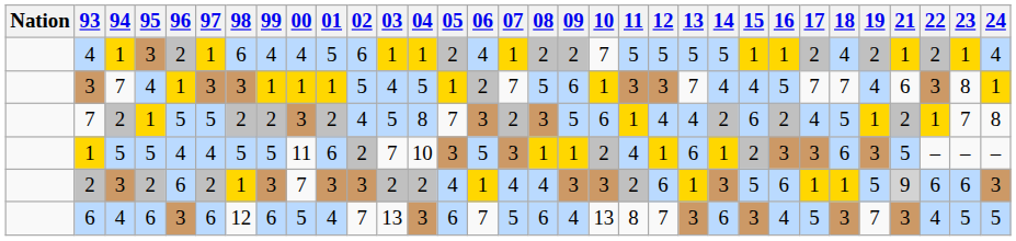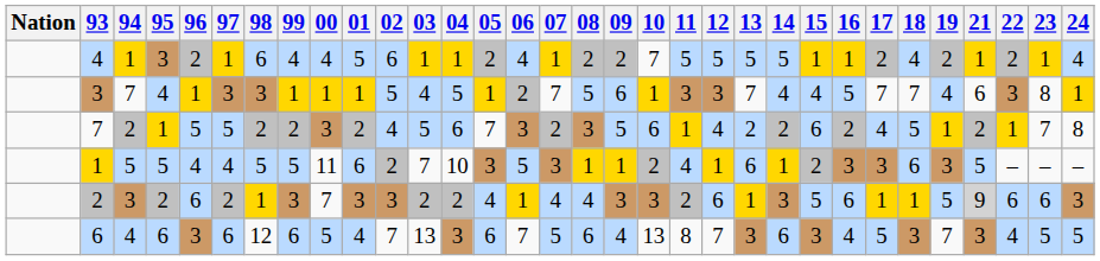 <table class="wikitable sortable" style="text-align:center; margin: 1em auto 1em auto">
 <tr>
 <th>Nation</th>
 <th><a href='#'>93</a><br></th>
 <th><a href='#'>94</a><br></th>
 <th><a href='#'>95</a><br></th>
 <th><a href='#'>96</a><br></th>
 <th><a href='#'>97</a><br></th>
 <th><a href='#'>98</a><br></th>
 <th><a href='#'>99</a><br></th>
 <th><a href='#'>00</a><br></th>
 <th><a href='#'>01</a><br></th>
 <th><a href='#'>02</a><br></th>
 <th><a href='#'>03</a><br></th>
 <th><a href='#'>04</a><br></th>
 <th><a href='#'>05</a><br></th>
 <th><a href='#'>06</a><br></th>
 <th><a href='#'>07</a><br></th>
 <th><a href='#'>08</a><br></th>
 <th><a href='#'>09</a><br></th>
 <th><a href='#'>10</a><br></th>
 <th><a href='#'>11</a><br></th>
 <th><a href='#'>12</a><br></th>
 <th><a href='#'>13</a><br></th>
 <th><a href='#'>14</a><br></th>
 <th><a href='#'>15</a><br></th>
 <th><a href='#'>16</a><br></th>
 <th><a href='#'>17</a><br></th>
 <th><a href='#'>18</a><br></th>
 <th><a href='#'>19</a><br></th>
 <th><a href='#'>21</a><br></th>
 <th><a href='#'>22</a><br></th>
 <th><a href='#'>23</a><br></th>
 <th><a href='#'>24</a><br></th>
 </tr>
 <tr>
 <td align=left></td>
 <td style="background:#badaff">4</td>
 <td bgcolor=gold>1</td>
 <td bgcolor=cc9966>3</td>
 <td bgcolor=silver>2</td>
 <td bgcolor=gold>1</td>
 <td style="background:#badaff">6</td>
 <td style="background:#badaff">4</td>
 <td style="background:#badaff">4</td>
 <td style="background:#badaff">5</td>
 <td style="background:#badaff">6</td>
 <td bgcolor=gold>1</td>
 <td bgcolor=gold>1</td>
 <td bgcolor=silver>2</td>
 <td style="background:#badaff">4</td>
 <td bgcolor=gold>1</td>
 <td bgcolor=silver>2</td>
 <td bgcolor=silver>2</td>
 <td>7</td>
 <td style="background:#badaff">5</td>
 <td style="background:#badaff">5</td>
 <td style="background:#badaff">5</td>
 <td style="background:#badaff">5</td>
 <td bgcolor=gold>1</td>
 <td bgcolor=gold>1</td>
 <td bgcolor=silver>2</td>
 <td style="background:#badaff">4</td>
 <td bgcolor=silver>2</td>
 <td bgcolor=gold>1</td>
 <td bgcolor=silver>2</td>
 <td bgcolor=gold>1</td>
 <td style="background:#badaff">4</td>
 </tr>
 <tr>
 <td align=left></td>
 <td bgcolor=cc9966>3</td>
 <td>7</td>
 <td style="background:#badaff">4</td>
 <td bgcolor=gold>1</td>
 <td bgcolor=cc9966>3</td>
 <td bgcolor=cc9966>3</td>
 <td bgcolor=gold>1</td>
 <td bgcolor=gold>1</td>
 <td bgcolor=gold>1</td>
 <td style="background:#badaff">5</td>
 <td style="background:#badaff">4</td>
 <td style="background:#badaff">5</td>
 <td bgcolor=gold>1</td>
 <td bgcolor=silver>2</td>
 <td>7</td>
 <td style="background:#badaff">5</td>
 <td style="background:#badaff">6</td>
 <td bgcolor=gold>1</td>
 <td bgcolor=cc9966>3</td>
 <td bgcolor=cc9966>3</td>
 <td>7</td>
 <td style="background:#badaff">4</td>
 <td style="background:#badaff">4</td>
 <td style="background:#badaff">5</td>
 <td>7</td>
 <td>7</td>
 <td style="background:#badaff">4</td>
 <td>6</td>
 <td bgcolor=cc9966>3</td>
 <td>8</td>
 <td bgcolor=gold>1</td>
 </tr>
 <tr>
 <td align=left></td>
 <td>7</td>
 <td bgcolor=silver>2</td>
 <td bgcolor=gold>1</td>
 <td style="background:#badaff">5</td>
 <td style="background:#badaff">5</td>
 <td bgcolor=silver>2</td>
 <td bgcolor=silver>2</td>
 <td bgcolor=cc9966>3</td>
 <td bgcolor=silver>2</td>
 <td style="background:#badaff">4</td>
 <td style="background:#badaff">5</td>
-<td style="background:#badaff">8</td>
+<td style="background:#badaff">6</td>
 <td>7</td>
 <td bgcolor=cc9966>3</td>
 <td bgcolor=silver>2</td>
 <td bgcolor=cc9966>3</td>
 <td style="background:#badaff">5</td>
 <td style="background:#badaff">6</td>
 <td bgcolor=gold>1</td>
 <td style="background:#badaff">4</td>
-<td style="background:#badaff">4</td>
+<td style="background:#badaff">2</td>
 <td bgcolor=silver>2</td>
 <td style="background:#badaff">6</td>
 <td bgcolor=silver>2</td>
 <td style="background:#badaff">4</td>
 <td style="background:#badaff">5</td>
 <td bgcolor=gold>1</td>
 <td bgcolor=silver>2</td>
 <td bgcolor=gold>1</td>
 <td>7</td>
 <td>8</td>
 </tr>
 <tr>
 <td align=left></td>
 <td bgcolor=gold>1</td>
 <td style="background:#badaff">5</td>
 <td style="background:#badaff">5</td>
 <td style="background:#badaff">4</td>
 <td style="background:#badaff">4</td>
 <td style="background:#badaff">5</td>
 <td style="background:#badaff">5</td>
 <td>11</td>
 <td style="background:#badaff">6</td>
 <td bgcolor=silver>2</td>
 <td>7</td>
 <td>10</td>
 <td bgcolor=cc9966>3</td>
 <td style="background:#badaff">5</td>
 <td bgcolor=cc9966>3</td>
 <td bgcolor=gold>1</td>
 <td bgcolor=gold>1</td>
 <td bgcolor=silver>2</td>
 <td style="background:#badaff">4</td>
 <td bgcolor=gold>1</td>
 <td style="background:#badaff">6</td>
 <td bgcolor=gold>1</td>
 <td bgcolor=silver>2</td>
 <td bgcolor=cc9966>3</td>
 <td bgcolor=cc9966>3</td>
 <td style="background:#badaff">6</td>
 <td bgcolor=cc9966>3</td>
 <td style="background:#badaff">5</td>
 <td>–</td>
 <td>–</td>
 <td>–</td>
 </tr>
 <tr>
 <td align=left></td>
 <td bgcolor=silver>2</td>
 <td bgcolor=cc9966>3</td>
 <td bgcolor=silver>2</td>
 <td style="background:#badaff">6</td>
 <td bgcolor=silver>2</td>
 <td bgcolor=gold>1</td>
 <td bgcolor=cc9966>3</td>
 <td>7</td>
 <td bgcolor=cc9966>3</td>
 <td bgcolor=cc9966>3</td>
 <td bgcolor=silver>2</td>
 <td bgcolor=silver>2</td>
 <td style="background:#badaff">4</td>
 <td bgcolor=gold>1</td>
 <td style="background:#badaff">4</td>
 <td style="background:#badaff">4</td>
 <td bgcolor=cc9966>3</td>
 <td bgcolor=cc9966>3</td>
 <td bgcolor=silver>2</td>
 <td style="background:#badaff">6</td>
 <td bgcolor=gold>1</td>
 <td bgcolor=cc9966>3</td>
 <td style="background:#badaff">5</td>
 <td style="background:#badaff">6</td>
 <td bgcolor=gold>1</td>
 <td bgcolor=gold>1</td>
 <td style="background:#badaff">5</td>
 <td style="background: lightgrey;">9</td>
 <td style="background:#badaff">6</td>
 <td style="background:#badaff">6</td>
 <td bgcolor=cc9966>3</td>
 </tr>
 <tr>
 <td align=left></td>
 <td style="background:#badaff">6</td>
 <td style="background:#badaff">4</td>
 <td style="background:#badaff">6</td>
 <td bgcolor=cc9966>3</td>
 <td style="background:#badaff">6</td>
 <td>12</td>
 <td style="background:#badaff">6</td>
 <td style="background:#badaff">5</td>
 <td style="background:#badaff">4</td>
 <td>7</td>
 <td>13</td>
 <td bgcolor=cc9966>3</td>
 <td style="background:#badaff">6</td>
 <td>7</td>
 <td style="background:#badaff">5</td>
 <td style="background:#badaff">6</td>
 <td style="background:#badaff">4</td>
 <td>13</td>
 <td>8</td>
 <td>7</td>
 <td bgcolor=cc9966>3</td>
 <td style="background:#badaff">6</td>
 <td bgcolor=cc9966>3</td>
 <td style="background:#badaff">4</td>
 <td style="background:#badaff">5</td>
 <td bgcolor=cc9966>3</td>
 <td>7</td>
 <td bgcolor=cc9966>3</td>
 <td style="background:#badaff">4</td>
 <td style="background:#badaff">5</td>
 <td style="background:#badaff">5</td>
 </tr>
 </table>
